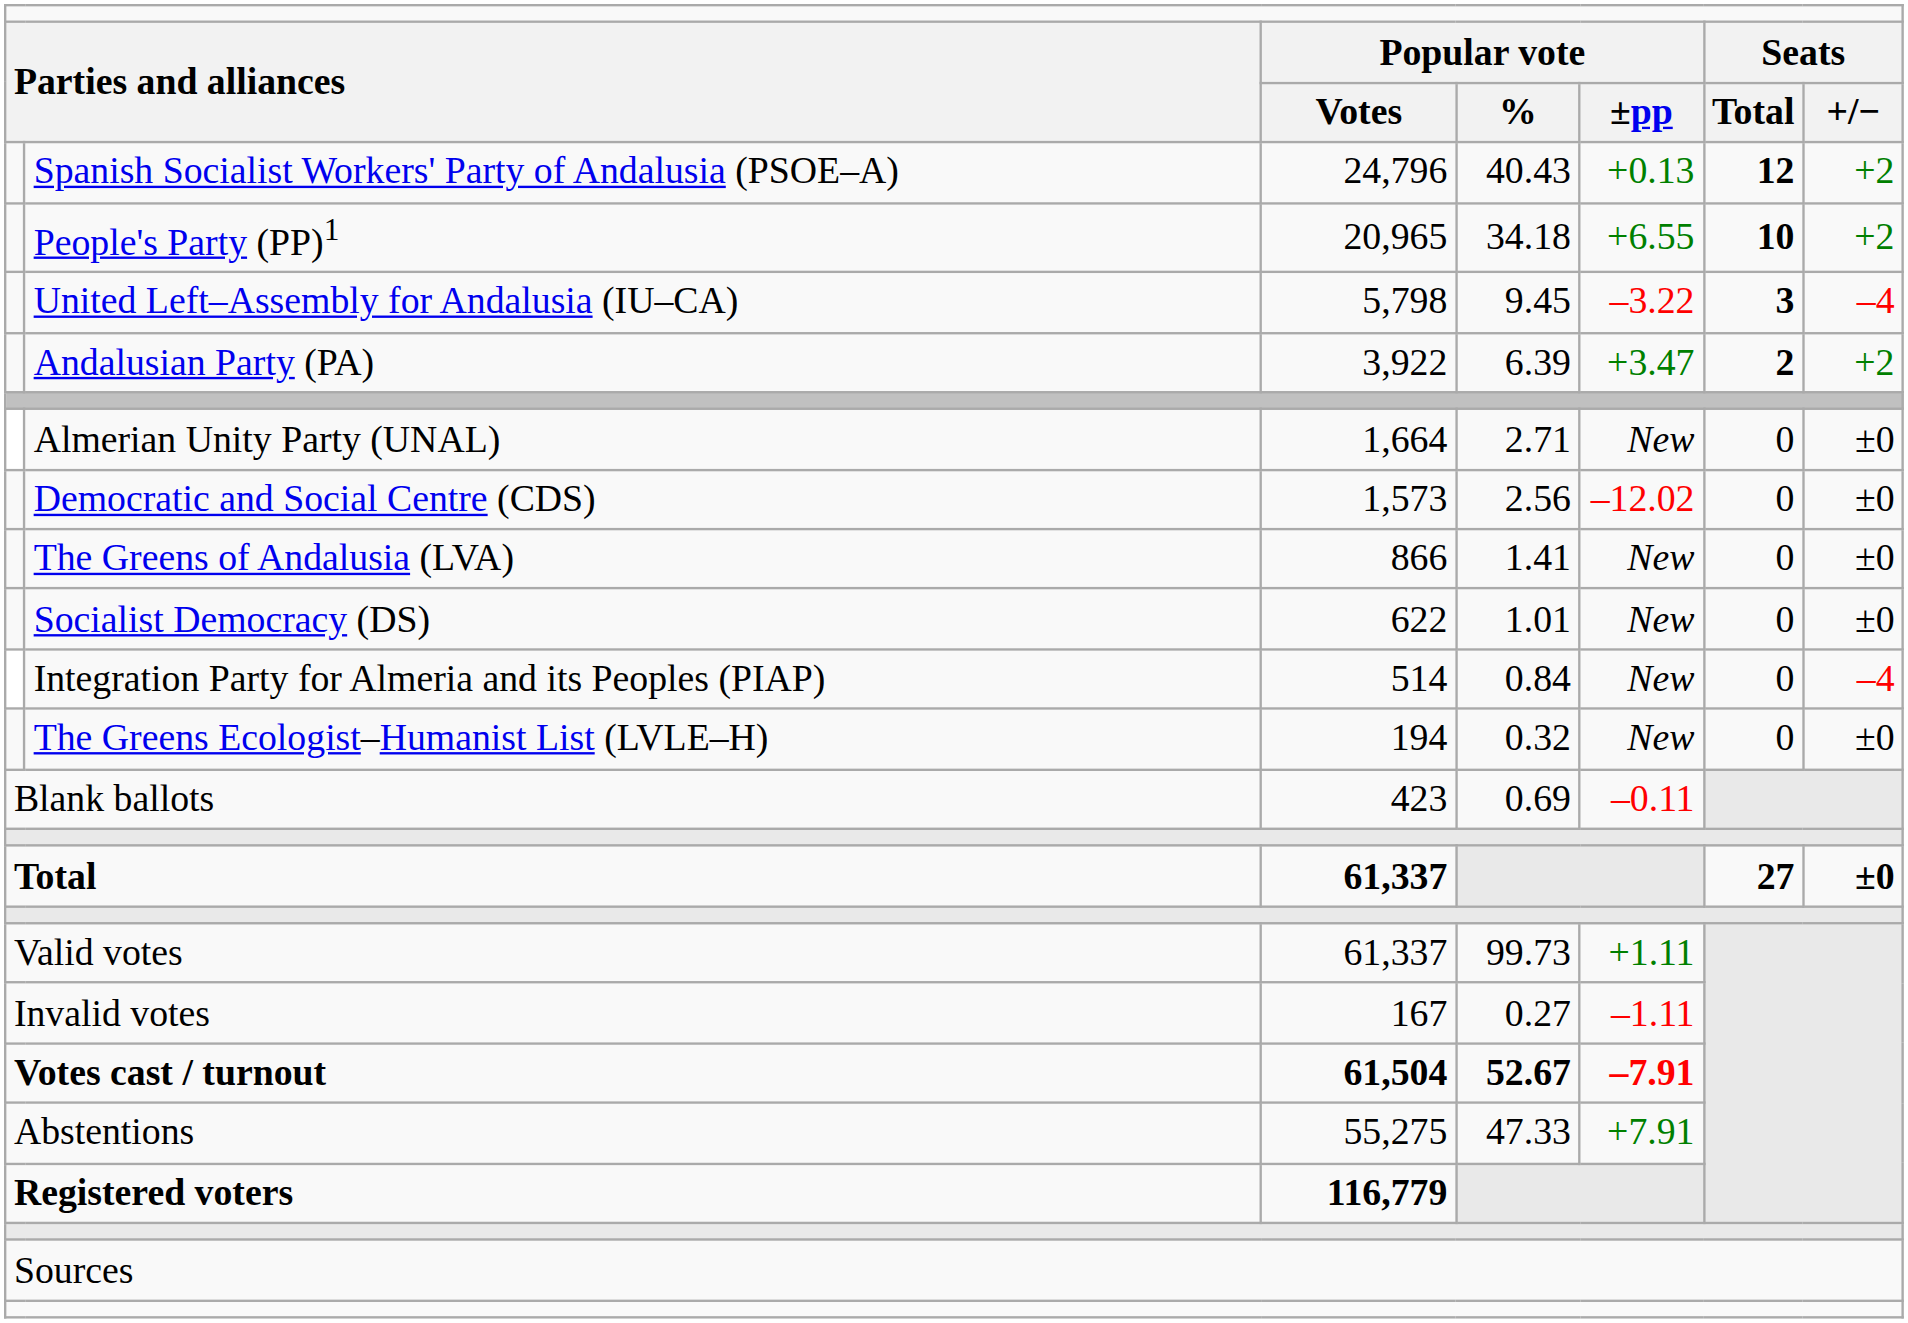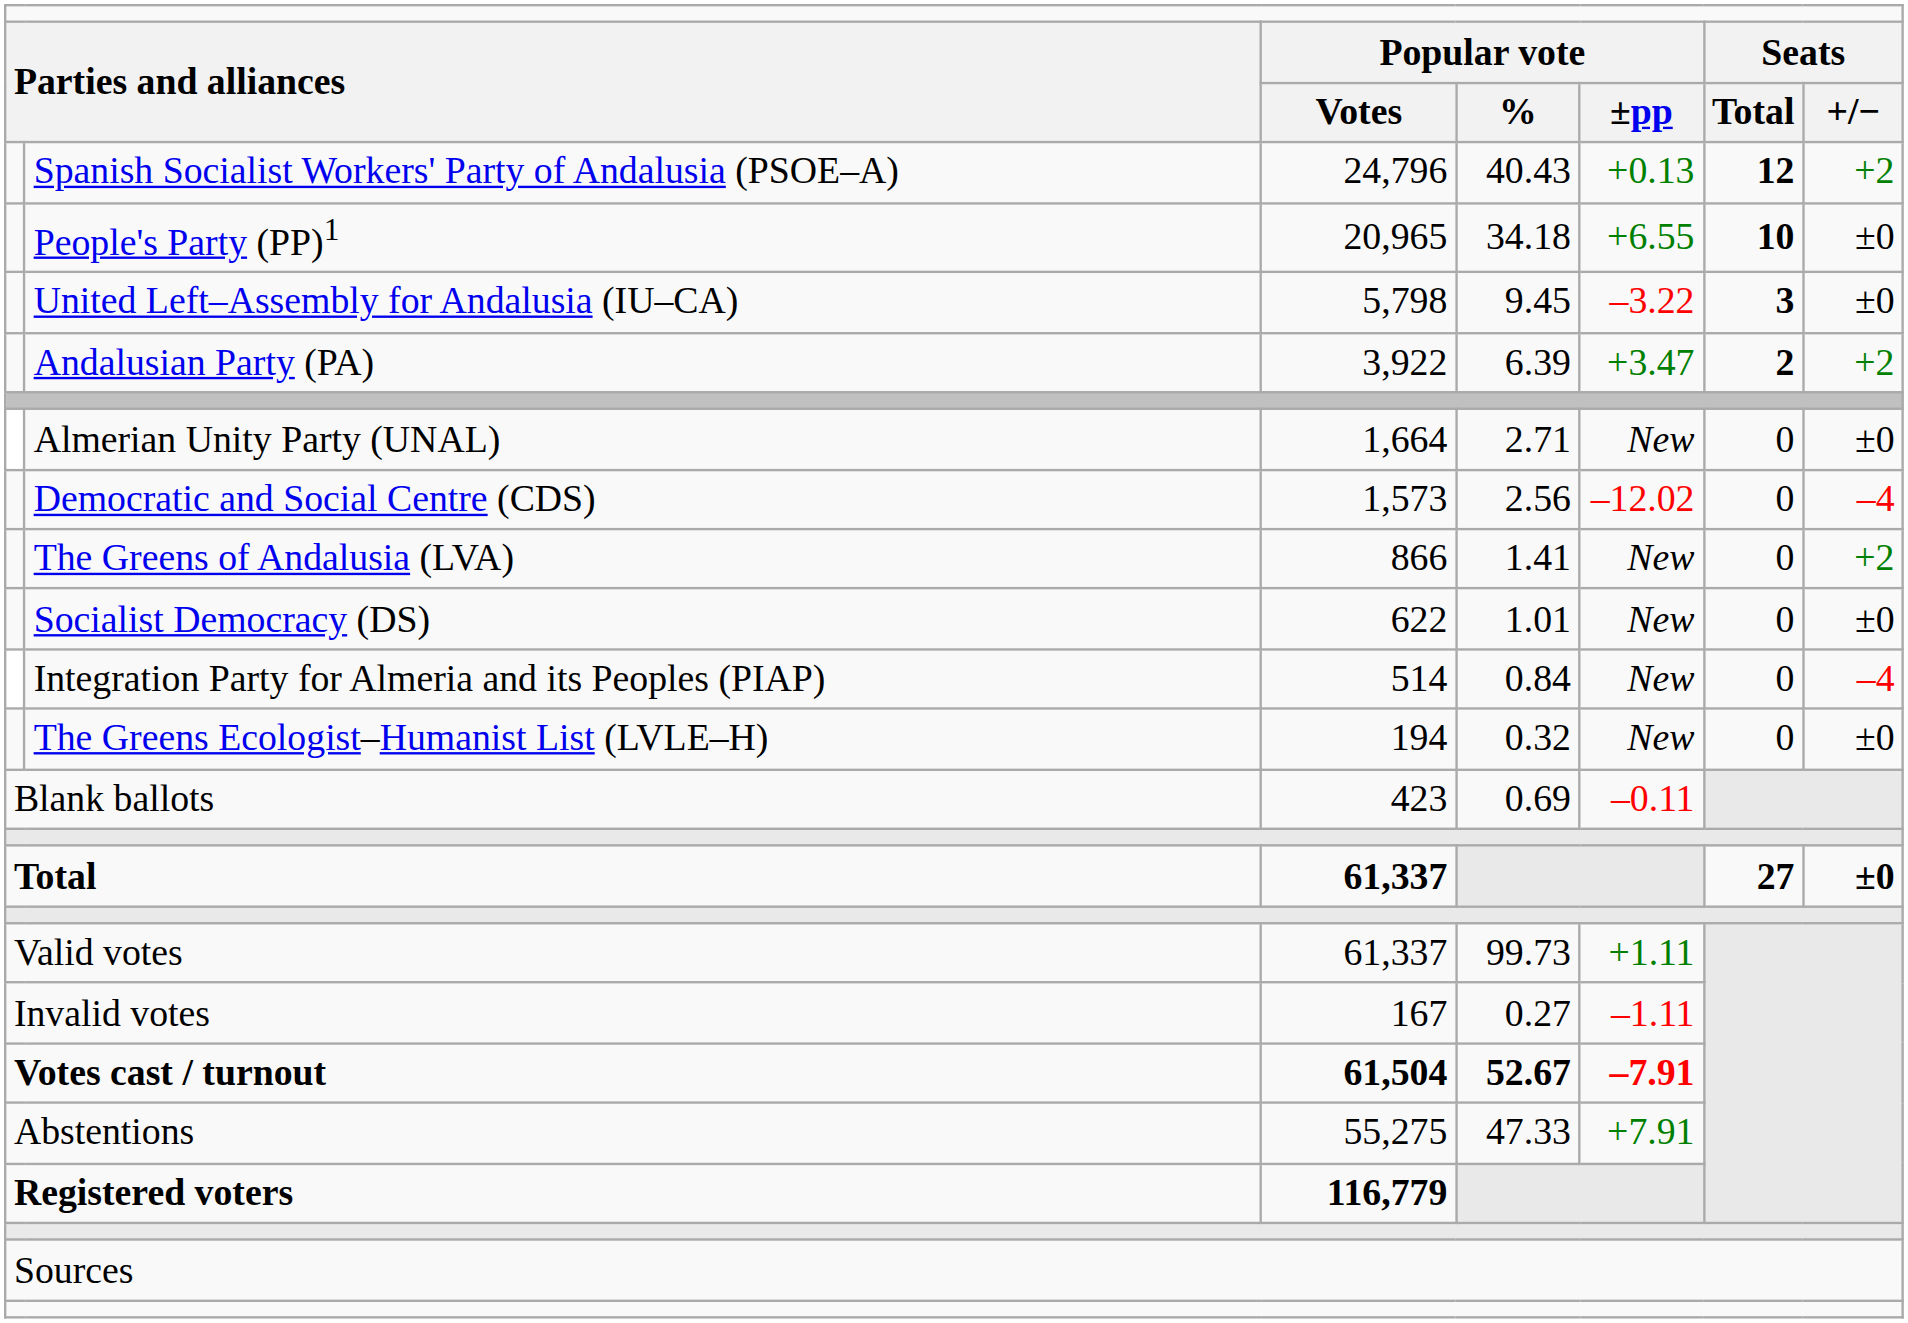 <table class="wikitable" style="text-align:right;">
 <tr>
 <td colspan="7"></td>
 </tr>
 <tr>
 <th style="text-align:left;" rowspan="2" colspan="2" width="525">Parties and alliances</th>
 <th colspan="3">Popular vote</th>
 <th colspan="2">Seats</th>
 </tr>
 <tr>
 <th width="75">Votes</th>
 <th width="45">%</th>
 <th width="45">±<a href='#'>pp</a></th>
 <th width="35">Total</th>
 <th width="35">+/−</th>
 </tr>
 <tr>
 <td width="1" style="color:inherit;background:"></td>
 <td align="left"><a href='#'>Spanish Socialist Workers' Party of Andalusia</a> (PSOE–A)</td>
 <td>24,796</td>
 <td>40.43</td>
 <td style="color:green;">+0.13</td>
 <td><strong>12</strong></td>
 <td style="color:green;">+2</td>
 </tr>
 <tr>
 <td style="color:inherit;background:"></td>
 <td align="left"><a href='#'>People's Party</a> (PP)<sup>1</sup></td>
 <td>20,965</td>
 <td>34.18</td>
 <td style="color:green;">+6.55</td>
 <td><strong>10</strong></td>
-<td style="color:green;">+2</td>
+<td>±0</td>
 </tr>
 <tr>
 <td style="color:inherit;background:"></td>
 <td align="left"><a href='#'>United Left–Assembly for Andalusia</a> (IU–CA)</td>
 <td>5,798</td>
 <td>9.45</td>
 <td style="color:red;">–3.22</td>
 <td><strong>3</strong></td>
-<td style="color:red;">–4</td>
+<td>±0</td>
 </tr>
 <tr>
 <td style="color:inherit;background:"></td>
 <td align="left"><a href='#'>Andalusian Party</a> (PA)</td>
 <td>3,922</td>
 <td>6.39</td>
 <td style="color:green;">+3.47</td>
 <td><strong>2</strong></td>
 <td style="color:green;">+2</td>
 </tr>
 <tr>
 <td colspan="7" bgcolor="#C0C0C0"></td>
 </tr>
 <tr>
 <td bgcolor="white"></td>
 <td align="left">Almerian Unity Party (UNAL)</td>
 <td>1,664</td>
 <td>2.71</td>
 <td><em>New</em></td>
 <td>0</td>
 <td>±0</td>
 </tr>
 <tr>
 <td style="color:inherit;background:"></td>
 <td align="left"><a href='#'>Democratic and Social Centre</a> (CDS)</td>
 <td>1,573</td>
 <td>2.56</td>
 <td style="color:red;">–12.02</td>
 <td>0</td>
-<td>±0</td>
+<td style="color:red;">–4</td>
 </tr>
 <tr>
 <td style="color:inherit;background:"></td>
 <td align="left"><a href='#'>The Greens of Andalusia</a> (LVA)</td>
 <td>866</td>
 <td>1.41</td>
 <td><em>New</em></td>
 <td>0</td>
-<td>±0</td>
+<td style="color:green;">+2</td>
 </tr>
 <tr>
 <td style="color:inherit;background:"></td>
 <td align="left"><a href='#'>Socialist Democracy</a> (DS)</td>
 <td>622</td>
 <td>1.01</td>
 <td><em>New</em></td>
 <td>0</td>
 <td>±0</td>
 </tr>
 <tr>
 <td bgcolor="white"></td>
 <td align="left">Integration Party for Almeria and its Peoples (PIAP)</td>
 <td>514</td>
 <td>0.84</td>
 <td><em>New</em></td>
 <td>0</td>
 <td style="color:red;">–4</td>
 </tr>
 <tr>
 <td style="color:inherit;background:"></td>
 <td align="left"><a href='#'>The Greens Ecologist</a>–<a href='#'>Humanist List</a> (LVLE–H)</td>
 <td>194</td>
 <td>0.32</td>
 <td><em>New</em></td>
 <td>0</td>
 <td>±0</td>
 </tr>
 <tr>
 <td align="left" colspan="2">Blank ballots</td>
 <td>423</td>
 <td>0.69</td>
 <td style="color:red;">–0.11</td>
 <td bgcolor="#E9E9E9" colspan="2"></td>
 </tr>
 <tr>
 <td colspan="7" bgcolor="#E9E9E9"></td>
 </tr>
 <tr style="font-weight:bold;">
 <td align="left" colspan="2">Total</td>
 <td>61,337</td>
 <td bgcolor="#E9E9E9" colspan="2"></td>
 <td>27</td>
 <td>±0</td>
 </tr>
 <tr>
 <td colspan="7" bgcolor="#E9E9E9"></td>
 </tr>
 <tr>
 <td align="left" colspan="2">Valid votes</td>
 <td>61,337</td>
 <td>99.73</td>
 <td style="color:green;">+1.11</td>
 <td bgcolor="#E9E9E9" colspan="2" rowspan="5"></td>
 </tr>
 <tr>
 <td align="left" colspan="2">Invalid votes</td>
 <td>167</td>
 <td>0.27</td>
 <td style="color:red;">–1.11</td>
 </tr>
 <tr style="font-weight:bold;">
 <td align="left" colspan="2">Votes cast / turnout</td>
 <td>61,504</td>
 <td>52.67</td>
 <td style="color:red;">–7.91</td>
 </tr>
 <tr>
 <td align="left" colspan="2">Abstentions</td>
 <td>55,275</td>
 <td>47.33</td>
 <td style="color:green;">+7.91</td>
 </tr>
 <tr style="font-weight:bold;">
 <td align="left" colspan="2">Registered voters</td>
 <td>116,779</td>
 <td bgcolor="#E9E9E9" colspan="2"></td>
 </tr>
 <tr>
 <td colspan="7" bgcolor="#E9E9E9"></td>
 </tr>
 <tr>
 <td align="left" colspan="7">Sources</td>
 </tr>
 <tr>
 <td colspan="7" style="text-align:left; max-width:790px;"></td>
 </tr>
 </table>
